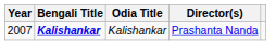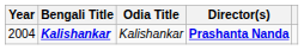 <table class="wikitable sortable">
 <tr>
 <th>Year</th>
 <th>Bengali Title</th>
 <th>Odia Title</th>
 <th>Director(s)</th>
 <th class="unsortable"></th>
 </tr>
 <tr>
-<td>2007</td>
+<td>2004</td>
 <td><strong><em><a href='#'>Kalishankar</a></em></strong></td>
 <td><em>Kalishankar</em></td>
-<td><a href='#'>Prashanta Nanda</a></td>
+<td><strong><a href='#'>Prashanta Nanda</a></strong></td>
 <td></td>
 </tr>
 </table>
